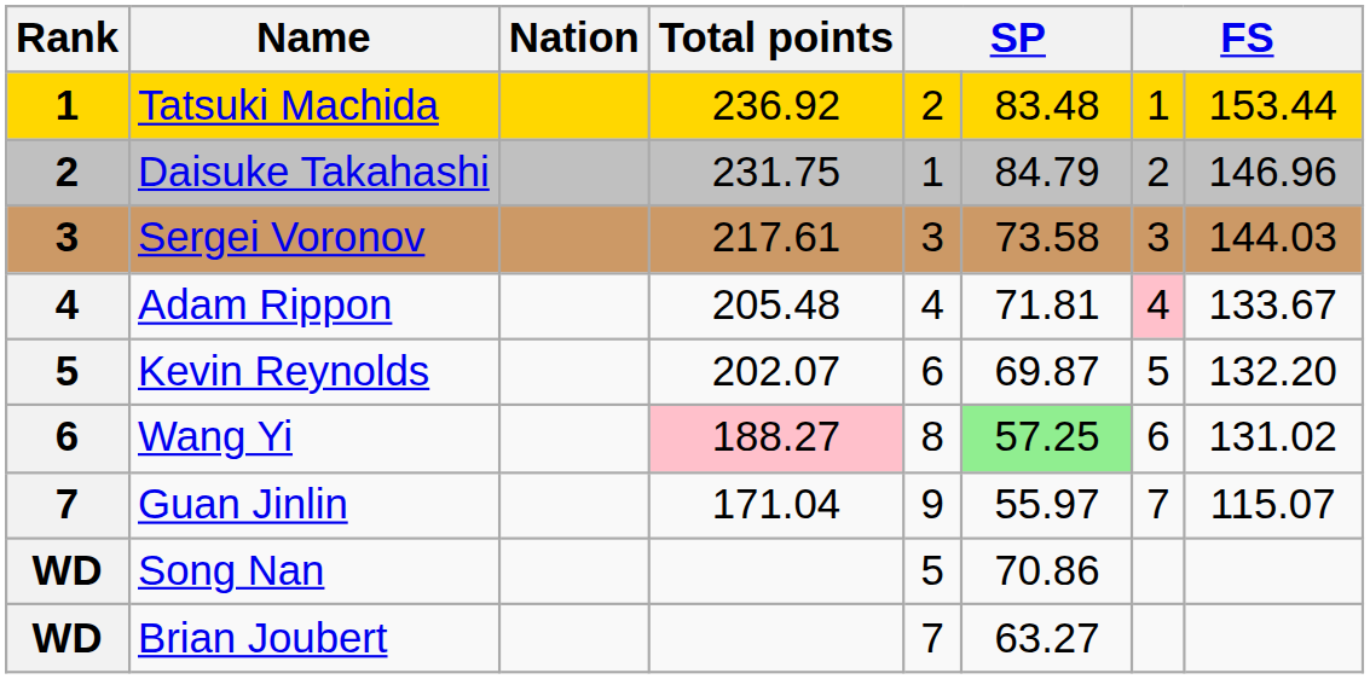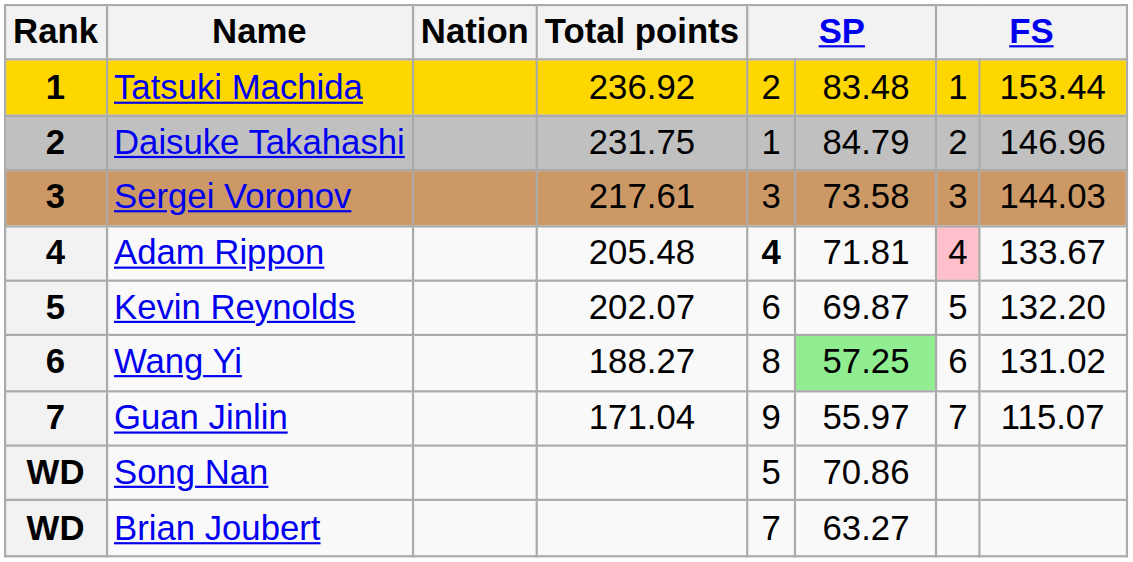 <table class="wikitable sortable">
 <tr>
 <th>Rank</th>
 <th>Name</th>
 <th>Nation</th>
 <th>Total points</th>
 <th colspan="2" width="80px" align="center"><strong><a href='#'>SP</a></strong></th>
 <th colspan="2" width="80px" align="center"><strong><a href='#'>FS</a></strong></th>
 </tr>
 <tr bgcolor="gold">
 <td align="center"><strong>1</strong></td>
 <td><a href='#'>Tatsuki Machida</a></td>
 <td></td>
 <td align="center">236.92</td>
 <td align="center">2</td>
 <td align="center">83.48</td>
 <td align="center">1</td>
 <td align="center">153.44</td>
 </tr>
 <tr bgcolor="silver">
 <td align="center"><strong>2</strong></td>
 <td><a href='#'>Daisuke Takahashi</a></td>
 <td></td>
 <td align="center">231.75</td>
 <td align="center">1</td>
 <td align="center">84.79</td>
 <td align="center">2</td>
 <td align="center">146.96</td>
 </tr>
 <tr bgcolor="cc9966">
 <td align="center"><strong>3</strong></td>
 <td><a href='#'>Sergei Voronov</a></td>
 <td></td>
 <td align="center">217.61</td>
 <td align="center">3</td>
 <td align="center">73.58</td>
 <td align="center">3</td>
 <td align="center">144.03</td>
 </tr>
 <tr>
 <th>4</th>
 <td><a href='#'>Adam Rippon</a></td>
 <td></td>
 <td align="center">205.48</td>
-<td align="center">4</td>
+<td align="center"><strong>4</strong></td>
 <td align="center">71.81</td>
 <td align="center" style="background: pink;">4</td>
 <td align="center">133.67</td>
 </tr>
 <tr>
 <th>5</th>
 <td><a href='#'>Kevin Reynolds</a></td>
 <td></td>
 <td align="center">202.07</td>
 <td align="center">6</td>
 <td align="center">69.87</td>
 <td align="center">5</td>
 <td align="center">132.20</td>
 </tr>
 <tr>
 <th>6</th>
 <td><a href='#'>Wang Yi</a></td>
 <td></td>
-<td align="center" style="background: pink;">188.27</td>
+<td align="center">188.27</td>
 <td align="center">8</td>
 <td align="center" style="background: lightgreen;">57.25</td>
 <td align="center">6</td>
 <td align="center">131.02</td>
 </tr>
 <tr>
 <th>7</th>
 <td><a href='#'>Guan Jinlin</a></td>
 <td></td>
 <td align="center">171.04</td>
 <td align="center">9</td>
 <td align="center">55.97</td>
 <td align="center">7</td>
 <td align="center">115.07</td>
 </tr>
 <tr>
 <th>WD</th>
 <td><a href='#'>Song Nan</a></td>
 <td></td>
 <td align="center"></td>
 <td align="center">5</td>
 <td align="center">70.86</td>
 <td align="center"></td>
 <td align="center"></td>
 </tr>
 <tr>
 <th>WD</th>
 <td><a href='#'>Brian Joubert</a></td>
 <td></td>
 <td align="center"></td>
 <td align="center">7</td>
 <td align="center">63.27</td>
 <td align="center"></td>
 <td align="center"></td>
 </tr>
 </table>
